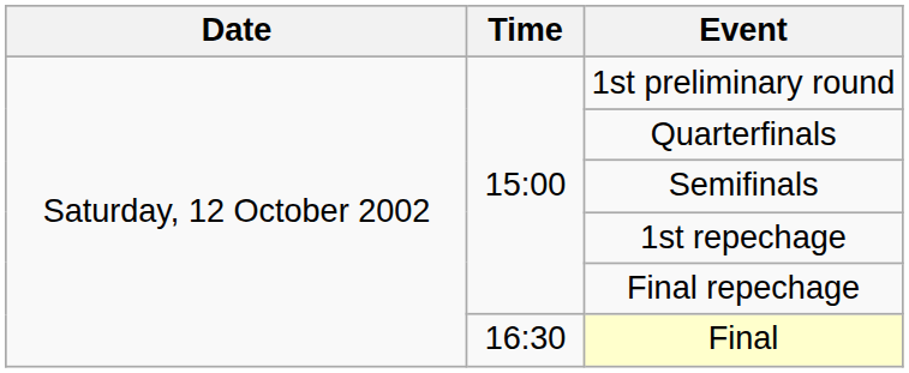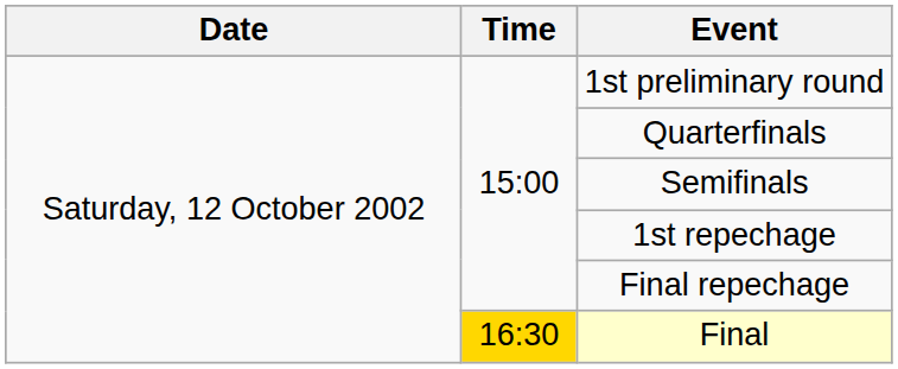 <table class = "wikitable" style="text-align:center;">
 <tr>
 <th width=220>Date</th>
 <th width=50>Time</th>
 <th width=150>Event</th>
 </tr>
 <tr>
 <td rowspan=6>Saturday, 12 October 2002</td>
 <td rowspan=5>15:00</td>
 <td>1st preliminary round</td>
 </tr>
 <tr>
 <td>Quarterfinals</td>
 </tr>
 <tr>
 <td>Semifinals</td>
 </tr>
 <tr>
 <td>1st repechage</td>
 </tr>
 <tr>
 <td>Final repechage</td>
 </tr>
 <tr>
-<td>16:30</td>
+<td style="background: gold;">16:30</td>
 <td bgcolor=ffffcc>Final</td>
 </tr>
 </table>
